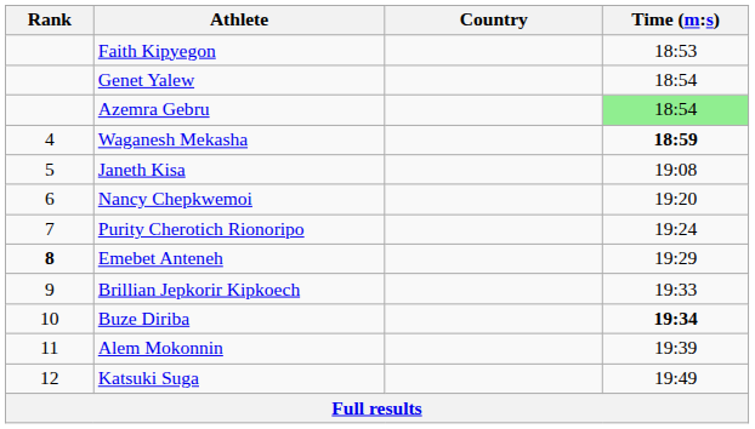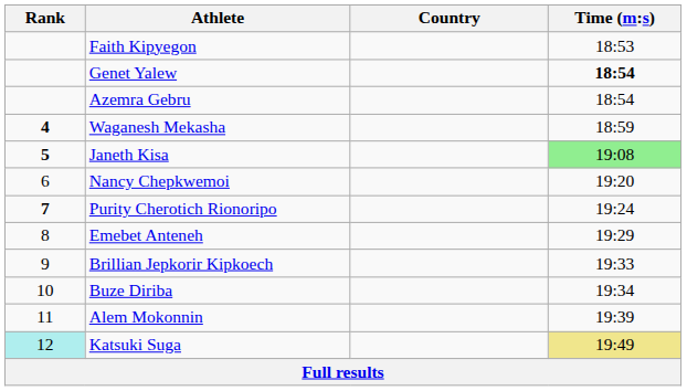 <table class="wikitable" width=50%>
 <tr>
 </tr>
 <tr>
 <th width=5%>Rank</th>
 <th width=20%>Athlete</th>
 <th width=15%>Country</th>
 <th width=10%>Time (<a href='#'>m</a>:<a href='#'>s</a>)</th>
 </tr>
 <tr align="center">
 <td></td>
 <td align="left"><a href='#'>Faith Kipyegon</a></td>
 <td align="left"></td>
 <td>18:53</td>
 </tr>
 <tr align="center">
 <td></td>
 <td align="left"><a href='#'>Genet Yalew</a></td>
 <td align="left"></td>
-<td>18:54</td>
+<td><strong>18:54</strong></td>
 </tr>
 <tr align="center">
 <td></td>
 <td align="left"><a href='#'>Azemra Gebru</a></td>
 <td align="left"></td>
-<td style="background: lightgreen;">18:54</td>
+<td>18:54</td>
 </tr>
 <tr align="center">
-<td>4</td>
+<td><strong>4</strong></td>
 <td align="left"><a href='#'>Waganesh Mekasha</a></td>
 <td align="left"></td>
-<td><strong>18:59</strong></td>
+<td>18:59</td>
 </tr>
 <tr align="center">
-<td>5</td>
+<td><strong>5</strong></td>
 <td align="left"><a href='#'>Janeth Kisa</a></td>
 <td align="left"></td>
-<td>19:08</td>
+<td style="background: lightgreen;">19:08</td>
 </tr>
 <tr align="center">
 <td>6</td>
 <td align="left"><a href='#'>Nancy Chepkwemoi</a></td>
 <td align="left"></td>
 <td>19:20</td>
 </tr>
 <tr align="center">
-<td>7</td>
+<td><strong>7</strong></td>
 <td align="left"><a href='#'>Purity Cherotich Rionoripo</a></td>
 <td align="left"></td>
 <td>19:24</td>
 </tr>
 <tr align="center">
-<td><strong>8</strong></td>
+<td>8</td>
 <td align="left"><a href='#'>Emebet Anteneh</a></td>
 <td align="left"></td>
 <td>19:29</td>
 </tr>
 <tr align="center">
 <td>9</td>
 <td align="left"><a href='#'>Brillian Jepkorir Kipkoech</a></td>
 <td align="left"></td>
 <td>19:33</td>
 </tr>
 <tr align="center">
 <td>10</td>
 <td align="left"><a href='#'>Buze Diriba</a></td>
 <td align="left"></td>
-<td><strong>19:34</strong></td>
+<td>19:34</td>
 </tr>
 <tr align="center">
 <td>11</td>
 <td align="left"><a href='#'>Alem Mokonnin</a></td>
 <td align="left"></td>
 <td>19:39</td>
 </tr>
 <tr align="center">
-<td>12</td>
+<td style="background: paleturquoise;">12</td>
 <td align="left"><a href='#'>Katsuki Suga</a></td>
 <td align="left"></td>
-<td>19:49</td>
+<td style="background: khaki;">19:49</td>
 </tr>
 <tr class="sortbottom">
 <th colspan=4 align=center><a href='#'>Full results</a></th>
 </tr>
 </table>
